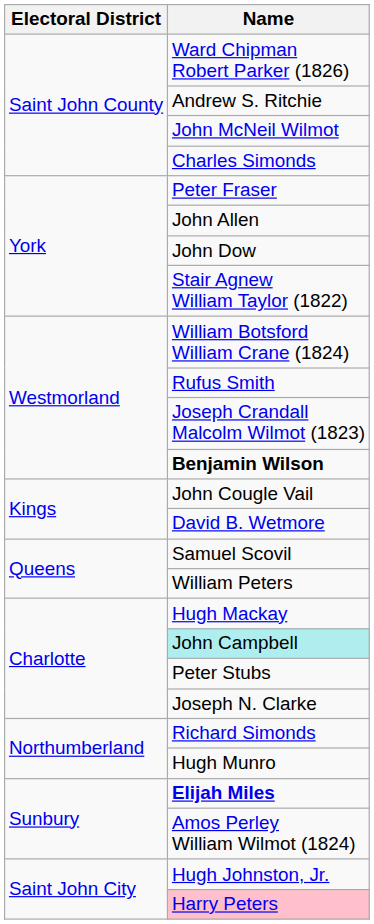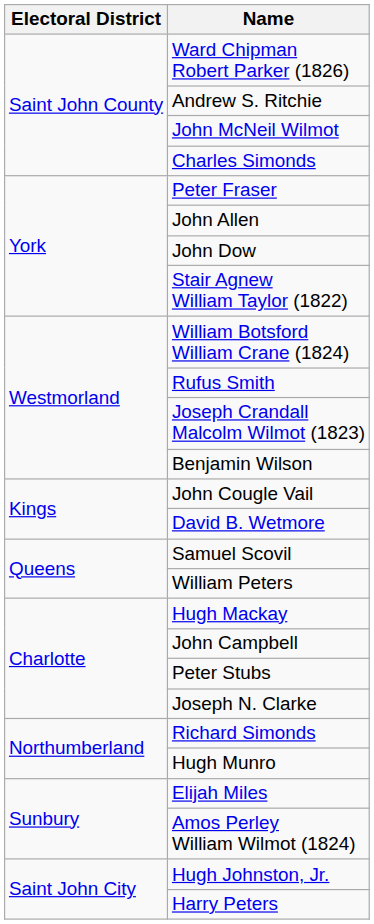 <table class="wikitable">
 <tr>
 <th>Electoral District</th>
 <th>Name</th>
 </tr>
 <tr>
 <td rowspan="4"><a href='#'>Saint John County</a></td>
 <td><a href='#'>Ward Chipman</a><br><a href='#'>Robert Parker</a> (1826)</td>
 </tr>
 <tr>
 <td>Andrew S. Ritchie</td>
 </tr>
 <tr>
 <td><a href='#'>John McNeil Wilmot</a></td>
 </tr>
 <tr>
 <td><a href='#'>Charles Simonds</a></td>
 </tr>
 <tr>
 <td rowspan="4"><a href='#'>York</a></td>
 <td><a href='#'>Peter Fraser</a></td>
 </tr>
 <tr>
 <td>John Allen</td>
 </tr>
 <tr>
 <td>John Dow</td>
 </tr>
 <tr>
 <td><a href='#'>Stair Agnew</a><br><a href='#'>William Taylor</a> (1822)</td>
 </tr>
 <tr>
 <td rowspan="4"><a href='#'>Westmorland</a></td>
 <td><a href='#'>William Botsford</a><br><a href='#'>William Crane</a> (1824)</td>
 </tr>
 <tr>
 <td><a href='#'>Rufus Smith</a></td>
 </tr>
 <tr>
 <td><a href='#'>Joseph Crandall</a><br><a href='#'>Malcolm Wilmot</a> (1823)</td>
 </tr>
 <tr>
-<td><strong>Benjamin Wilson</strong></td>
+<td>Benjamin Wilson</td>
 </tr>
 <tr>
 <td rowspan="2"><a href='#'>Kings</a></td>
 <td>John Cougle Vail</td>
 </tr>
 <tr>
 <td><a href='#'>David B. Wetmore</a></td>
 </tr>
 <tr>
 <td rowspan="2"><a href='#'>Queens</a></td>
 <td>Samuel Scovil</td>
 </tr>
 <tr>
 <td>William Peters</td>
 </tr>
 <tr>
 <td rowspan="4"><a href='#'>Charlotte</a></td>
 <td><a href='#'>Hugh Mackay</a></td>
 </tr>
 <tr>
-<td style="background: paleturquoise;">John Campbell</td>
+<td>John Campbell</td>
 </tr>
 <tr>
 <td>Peter Stubs</td>
 </tr>
 <tr>
 <td>Joseph N. Clarke</td>
 </tr>
 <tr>
 <td rowspan="2"><a href='#'>Northumberland</a></td>
 <td><a href='#'>Richard Simonds</a></td>
 </tr>
 <tr>
 <td>Hugh Munro</td>
 </tr>
 <tr>
 <td rowspan="2"><a href='#'>Sunbury</a></td>
-<td><strong><a href='#'>Elijah Miles</a></strong></td>
+<td><a href='#'>Elijah Miles</a></td>
 </tr>
 <tr>
 <td><a href='#'>Amos Perley</a><br>William Wilmot (1824)</td>
 </tr>
 <tr>
 <td rowspan="2"><a href='#'>Saint John City</a></td>
 <td><a href='#'>Hugh Johnston, Jr.</a></td>
 </tr>
 <tr>
-<td style="background: pink;"><a href='#'>Harry Peters</a></td>
+<td><a href='#'>Harry Peters</a></td>
 </tr>
 </table>
